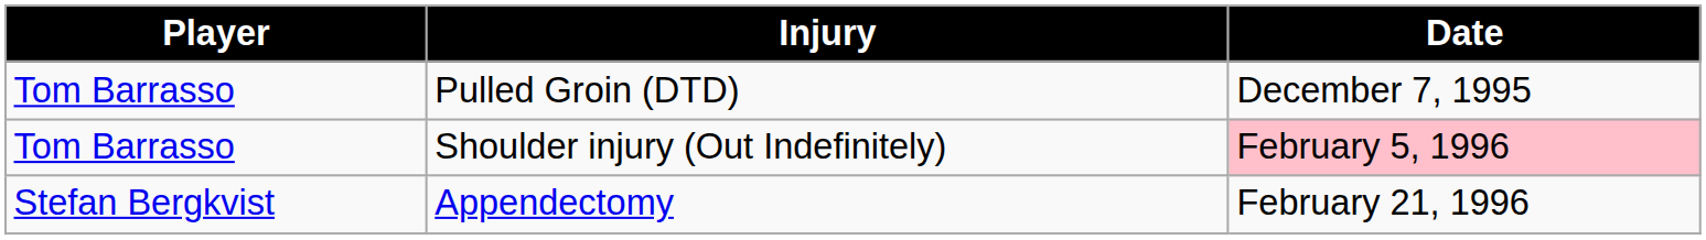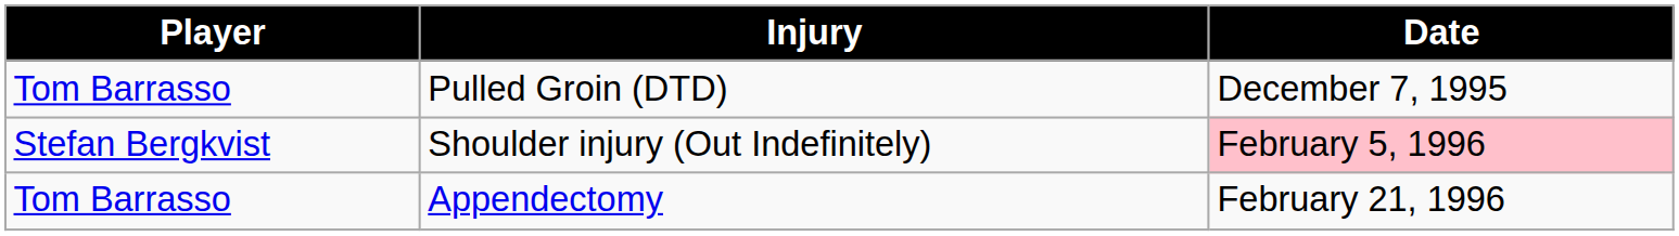 <table class="wikitable" width=60%;>
 <tr>
 <th style="color:white; background:#000000; ">Player</th>
 <th style="color:white; background:#000000; ">Injury</th>
 <th style="color:white; background:#000000; ">Date</th>
 </tr>
 <tr>
 <td><a href='#'>Tom Barrasso</a></td>
 <td>Pulled Groin (DTD)</td>
 <td>December 7, 1995</td>
 </tr>
 <tr>
-<td><a href='#'>Tom Barrasso</a></td>
+<td><a href='#'>Stefan Bergkvist</a></td>
 <td>Shoulder injury (Out Indefinitely)</td>
 <td style="background: pink;">February 5, 1996</td>
 </tr>
 <tr>
-<td><a href='#'>Stefan Bergkvist</a></td>
+<td><a href='#'>Tom Barrasso</a></td>
 <td><a href='#'>Appendectomy</a></td>
 <td>February 21, 1996</td>
 </tr>
 </table>
